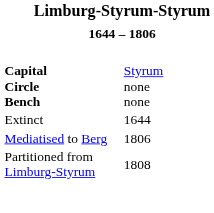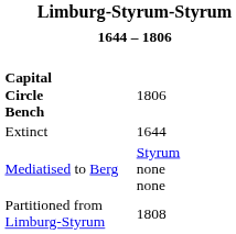 <table align="right" class="toccolours">
 <tr>
 <td colspan=2 align="center"><big><strong>Limburg-Styrum-Styrum</strong></big></td>
 </tr>
 <tr>
 <td colspan=2 align="center"></td>
 </tr>
 <tr>
 <td colspan=2 align="center"><strong>1644 – 1806</strong></td>
 </tr>
 <tr>
 <td><br></td>
 </tr>
 <tr>
 <td width=138px><strong>Capital<br>Circle<br>Bench</strong></td>
-<td width=138px><a href='#'>Styrum</a><br>none<br>none</td>
+<td>1806</td>
 </tr>
 <tr>
 <td>Extinct</td>
 <td>1644</td>
 </tr>
 <tr>
 <td><a href='#'>Mediatised</a> to <a href='#'>Berg</a></td>
-<td>1806</td>
+<td width=138px><a href='#'>Styrum</a><br>none<br>none</td>
 </tr>
 <tr>
 <td>Partitioned from <a href='#'>Limburg-Styrum</a></td>
 <td>1808</td>
 </tr>
 <tr>
 </tr>
 </table>
